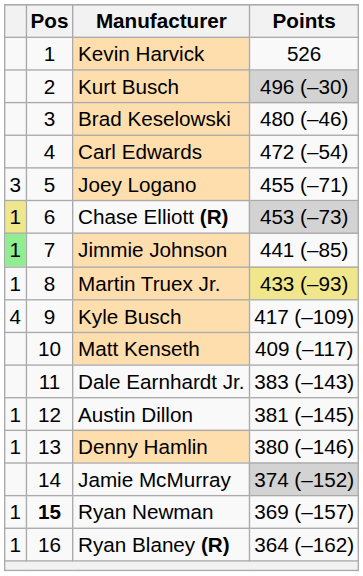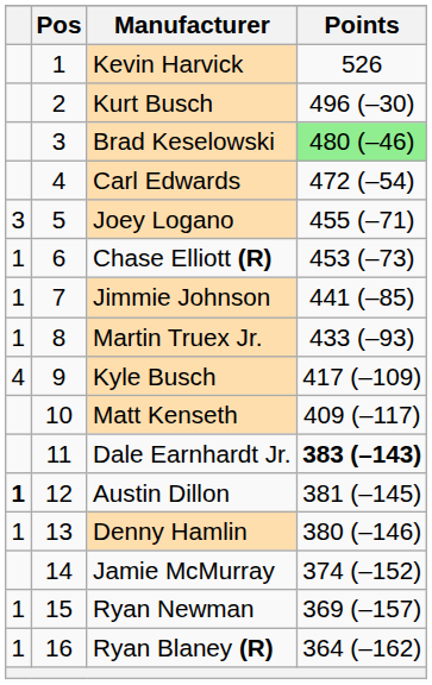 <table class="wikitable" style="font-size:95%">
 <tr>
 </tr>
 <tr>
 <th></th>
 <th>Pos</th>
 <th>Manufacturer</th>
 <th>Points</th>
 </tr>
 <tr>
 <td align="left"></td>
 <td style="text-align:center;">1</td>
 <td style="background:#FFDEAD;">Kevin Harvick</td>
 <td style="text-align:center;">526</td>
 </tr>
 <tr>
 <td align="left"></td>
 <td style="text-align:center;">2</td>
 <td style="background:#FFDEAD;">Kurt Busch</td>
-<td style="background: lightgrey; text-align:center;">496 (–30)</td>
+<td style="text-align:center;">496 (–30)</td>
 </tr>
 <tr>
 <td align="left"></td>
 <td style="text-align:center;">3</td>
 <td style="background:#FFDEAD;">Brad Keselowski</td>
-<td style="text-align:center;">480 (–46)</td>
+<td style="background: lightgreen; text-align:center;">480 (–46)</td>
 </tr>
 <tr>
 <td align="left"></td>
 <td style="text-align:center;">4</td>
 <td style="background:#FFDEAD;">Carl Edwards</td>
 <td style="text-align:center;">472 (–54)</td>
 </tr>
 <tr>
 <td align="left"> 3</td>
 <td style="text-align:center;">5</td>
 <td style="background:#FFDEAD;">Joey Logano</td>
 <td style="text-align:center;">455 (–71)</td>
 </tr>
 <tr>
-<td align="left" style="background: khaki;"> 1</td>
+<td align="left"> 1</td>
 <td style="text-align:center;">6</td>
 <td>Chase Elliott <strong>(R)</strong></td>
-<td style="background: lightgrey; text-align:center;">453 (–73)</td>
+<td style="text-align:center;">453 (–73)</td>
 </tr>
 <tr>
-<td align="left" style="background: lightgreen;"> 1</td>
+<td align="left"> 1</td>
 <td style="text-align:center;">7</td>
 <td style="background:#FFDEAD;">Jimmie Johnson</td>
 <td style="text-align:center;">441 (–85)</td>
 </tr>
 <tr>
 <td align="left"> 1</td>
 <td style="text-align:center;">8</td>
 <td style="background:#FFDEAD;">Martin Truex Jr.</td>
-<td style="background: khaki; text-align:center;">433 (–93)</td>
+<td style="text-align:center;">433 (–93)</td>
 </tr>
 <tr>
 <td align="left"> 4</td>
 <td style="text-align:center;">9</td>
 <td style="background:#FFDEAD;">Kyle Busch</td>
 <td style="text-align:center;">417 (–109)</td>
 </tr>
 <tr>
 <td align="left"></td>
 <td style="text-align:center;">10</td>
 <td style="background:#FFDEAD;">Matt Kenseth</td>
 <td style="text-align:center;">409 (–117)</td>
 </tr>
 <tr>
 <td align="left"></td>
 <td style="text-align:center;">11</td>
 <td>Dale Earnhardt Jr.</td>
-<td style="text-align:center;">383 (–143)</td>
+<td style="text-align:center;"><strong>383 (–143)</strong></td>
 </tr>
 <tr>
-<td align="left"> 1</td>
+<td align="left"><strong> 1</strong></td>
 <td style="text-align:center;">12</td>
 <td>Austin Dillon</td>
 <td style="text-align:center;">381 (–145)</td>
 </tr>
 <tr>
 <td align="left"> 1</td>
 <td style="text-align:center;">13</td>
 <td style="background:#FFDEAD;">Denny Hamlin</td>
 <td style="text-align:center;">380 (–146)</td>
 </tr>
 <tr>
 <td align="left"></td>
 <td style="text-align:center;">14</td>
 <td>Jamie McMurray</td>
-<td style="background: lightgrey; text-align:center;">374 (–152)</td>
+<td style="text-align:center;">374 (–152)</td>
 </tr>
 <tr>
 <td align="left"> 1</td>
-<td style="text-align:center;"><strong>15</strong></td>
+<td style="text-align:center;">15</td>
 <td>Ryan Newman</td>
 <td style="text-align:center;">369 (–157)</td>
 </tr>
 <tr>
 <td align="left"> 1</td>
 <td style="text-align:center;">16</td>
 <td>Ryan Blaney <strong>(R)</strong></td>
 <td style="text-align:center;">364 (–162)</td>
 </tr>
 <tr class="sortbottom">
 <th colspan="8"></th>
 </tr>
 </table>
